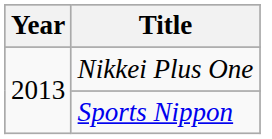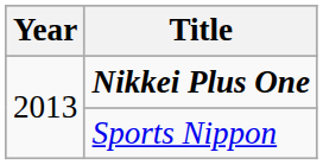 <table class="wikitable">
 <tr>
 <th>Year</th>
 <th>Title</th>
 </tr>
 <tr>
 <td rowspan="2">2013</td>
-<td><em>Nikkei Plus One</em></td>
+<td><strong><em>Nikkei Plus One</em></strong></td>
 </tr>
 <tr>
 <td><em><a href='#'>Sports Nippon</a></em></td>
 </tr>
 </table>
